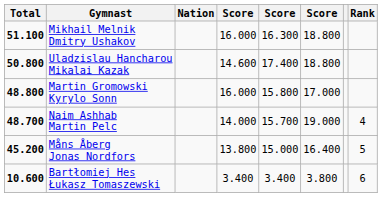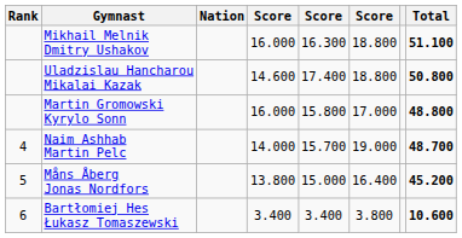 <table class="wikitable sortable" style="text-align:center">
 <tr>
-<th>Total</th>
+<th>Rank</th>
 <th>Gymnast</th>
 <th>Nation</th>
 <th> Score</th>
 <th> Score</th>
 <th> Score</th>
 <th></th>
-<th>Rank</th>
+<th>Total</th>
 </tr>
 <tr>
-<td><strong>51.100</strong></td>
+<td></td>
 <td align=left><a href='#'>Mikhail Melnik</a><br><a href='#'>Dmitry Ushakov</a></td>
 <td align=left></td>
 <td>16.000</td>
 <td>16.300</td>
 <td>18.800</td>
 <td></td>
-<td></td>
+<td><strong>51.100</strong></td>
 </tr>
 <tr>
-<td><strong>50.800</strong></td>
+<td></td>
 <td align=left><a href='#'>Uladzislau Hancharou</a><br><a href='#'>Mikalai Kazak</a></td>
 <td align=left></td>
 <td>14.600</td>
 <td>17.400</td>
 <td>18.800</td>
 <td></td>
-<td></td>
+<td><strong>50.800</strong></td>
 </tr>
 <tr>
-<td><strong>48.800</strong></td>
+<td></td>
 <td align=left><a href='#'>Martin Gromowski</a><br><a href='#'>Kyrylo Sonn</a></td>
 <td align=left></td>
 <td>16.000</td>
 <td>15.800</td>
 <td>17.000</td>
 <td></td>
-<td></td>
+<td><strong>48.800</strong></td>
 </tr>
 <tr>
-<td><strong>48.700</strong></td>
+<td>4</td>
 <td align=left><a href='#'>Naim Ashhab</a><br><a href='#'>Martin Pelc</a></td>
 <td align=left></td>
 <td>14.000</td>
 <td>15.700</td>
 <td>19.000</td>
 <td></td>
-<td>4</td>
+<td><strong>48.700</strong></td>
 </tr>
 <tr>
-<td><strong>45.200</strong></td>
+<td>5</td>
 <td align=left><a href='#'>Måns Åberg</a><br><a href='#'>Jonas Nordfors</a></td>
 <td align=left></td>
 <td>13.800</td>
 <td>15.000</td>
 <td>16.400</td>
 <td></td>
-<td>5</td>
+<td><strong>45.200</strong></td>
 </tr>
 <tr>
-<td><strong>10.600</strong></td>
+<td>6</td>
 <td align=left><a href='#'>Bartłomiej Hes</a><br><a href='#'>Łukasz Tomaszewski</a></td>
 <td align=left></td>
 <td>3.400</td>
 <td>3.400</td>
 <td>3.800</td>
 <td></td>
-<td>6</td>
+<td><strong>10.600</strong></td>
 </tr>
 </table>
